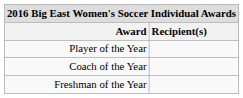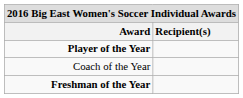 <table class="wikitable" style="white-space:nowrap; font-size:90%;">
 <tr>
 <td colspan="7" style="text-align:center; background:#ddd;"><strong>2016 Big East Women's Soccer Individual Awards</strong></td>
 </tr>
 <tr>
 <th style="text-align:right;">Award</th>
 <th style="text-align:left;">Recipient(s)</th>
 </tr>
 <tr>
-<td style="text-align:right;">Player of the Year</td>
+<td style="text-align:right;"><strong>Player of the Year</strong></td>
 <td style="text-align:left;"></td>
 </tr>
 <tr>
 <td style="text-align:right;">Coach of the Year</td>
 <td style="text-align:left;"></td>
 </tr>
 <tr>
-<td style="text-align:right;">Freshman of the Year</td>
+<td style="text-align:right;"><strong>Freshman of the Year</strong></td>
 <td style="text-align:left;"></td>
 </tr>
 </table>
